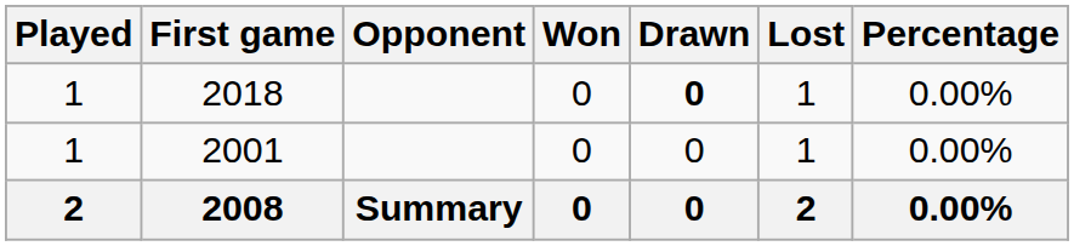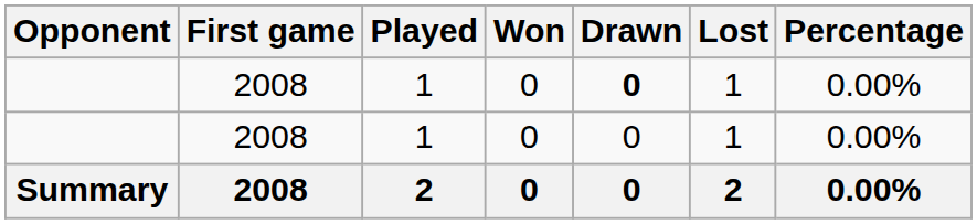 <table class="wikitable" style="text-align: center;">
 <tr>
+<th>Opponent</th>
+<th>First game</th>
 <th>Played</th>
-<th>First game</th>
-<th>Opponent</th>
 <th>Won</th>
 <th>Drawn</th>
 <th>Lost</th>
 <th>Percentage</th>
 </tr>
 <tr>
+<td style="text-align: left;"></td>
+<td>2008</td>
 <td>1</td>
-<td>2018</td>
-<td style="text-align: left;"></td>
 <td>0</td>
 <td><strong>0</strong></td>
 <td>1</td>
 <td>0.00%</td>
 </tr>
 <tr>
+<td style="text-align: left;"></td>
+<td>2008</td>
 <td>1</td>
-<td>2001</td>
-<td style="text-align: left;"></td>
 <td>0</td>
 <td>0</td>
 <td>1</td>
 <td>0.00%</td>
 </tr>
 <tr>
+<th>Summary</th>
+<th>2008</th>
 <th>2</th>
-<th>2008</th>
-<th>Summary</th>
 <th>0</th>
 <th>0</th>
 <th>2</th>
 <th>0.00%</th>
 </tr>
 </table>
